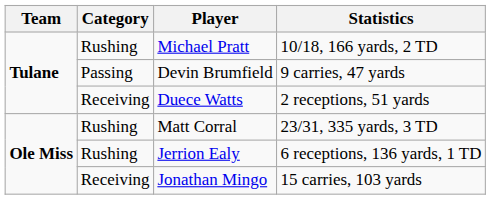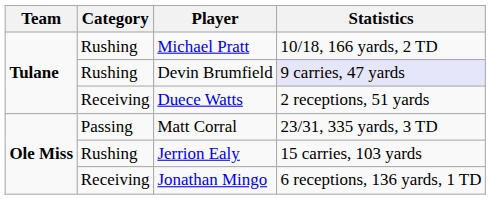 <table class="wikitable" style="float: right;">
 <tr>
 <th>Team</th>
 <th>Category</th>
 <th>Player</th>
 <th>Statistics</th>
 </tr>
 <tr>
 <td rowspan=3><strong>Tulane</strong></td>
 <td>Rushing</td>
 <td><a href='#'>Michael Pratt</a></td>
 <td>10/18, 166 yards, 2 TD</td>
 </tr>
 <tr>
-<td>Passing</td>
+<td>Rushing</td>
 <td>Devin Brumfield</td>
-<td>9 carries, 47 yards</td>
+<td style="background: lavender;">9 carries, 47 yards</td>
 </tr>
 <tr>
 <td>Receiving</td>
 <td><a href='#'>Duece Watts</a></td>
 <td>2 receptions, 51 yards</td>
 </tr>
 <tr>
 <td rowspan=3><strong>Ole Miss</strong></td>
-<td>Rushing</td>
+<td>Passing</td>
 <td>Matt Corral</td>
 <td>23/31, 335 yards, 3 TD</td>
 </tr>
 <tr>
 <td>Rushing</td>
 <td><a href='#'>Jerrion Ealy</a></td>
-<td>6 receptions, 136 yards, 1 TD</td>
+<td>15 carries, 103 yards</td>
 </tr>
 <tr>
 <td>Receiving</td>
 <td><a href='#'>Jonathan Mingo</a></td>
-<td>15 carries, 103 yards</td>
+<td>6 receptions, 136 yards, 1 TD</td>
 </tr>
 </table>
